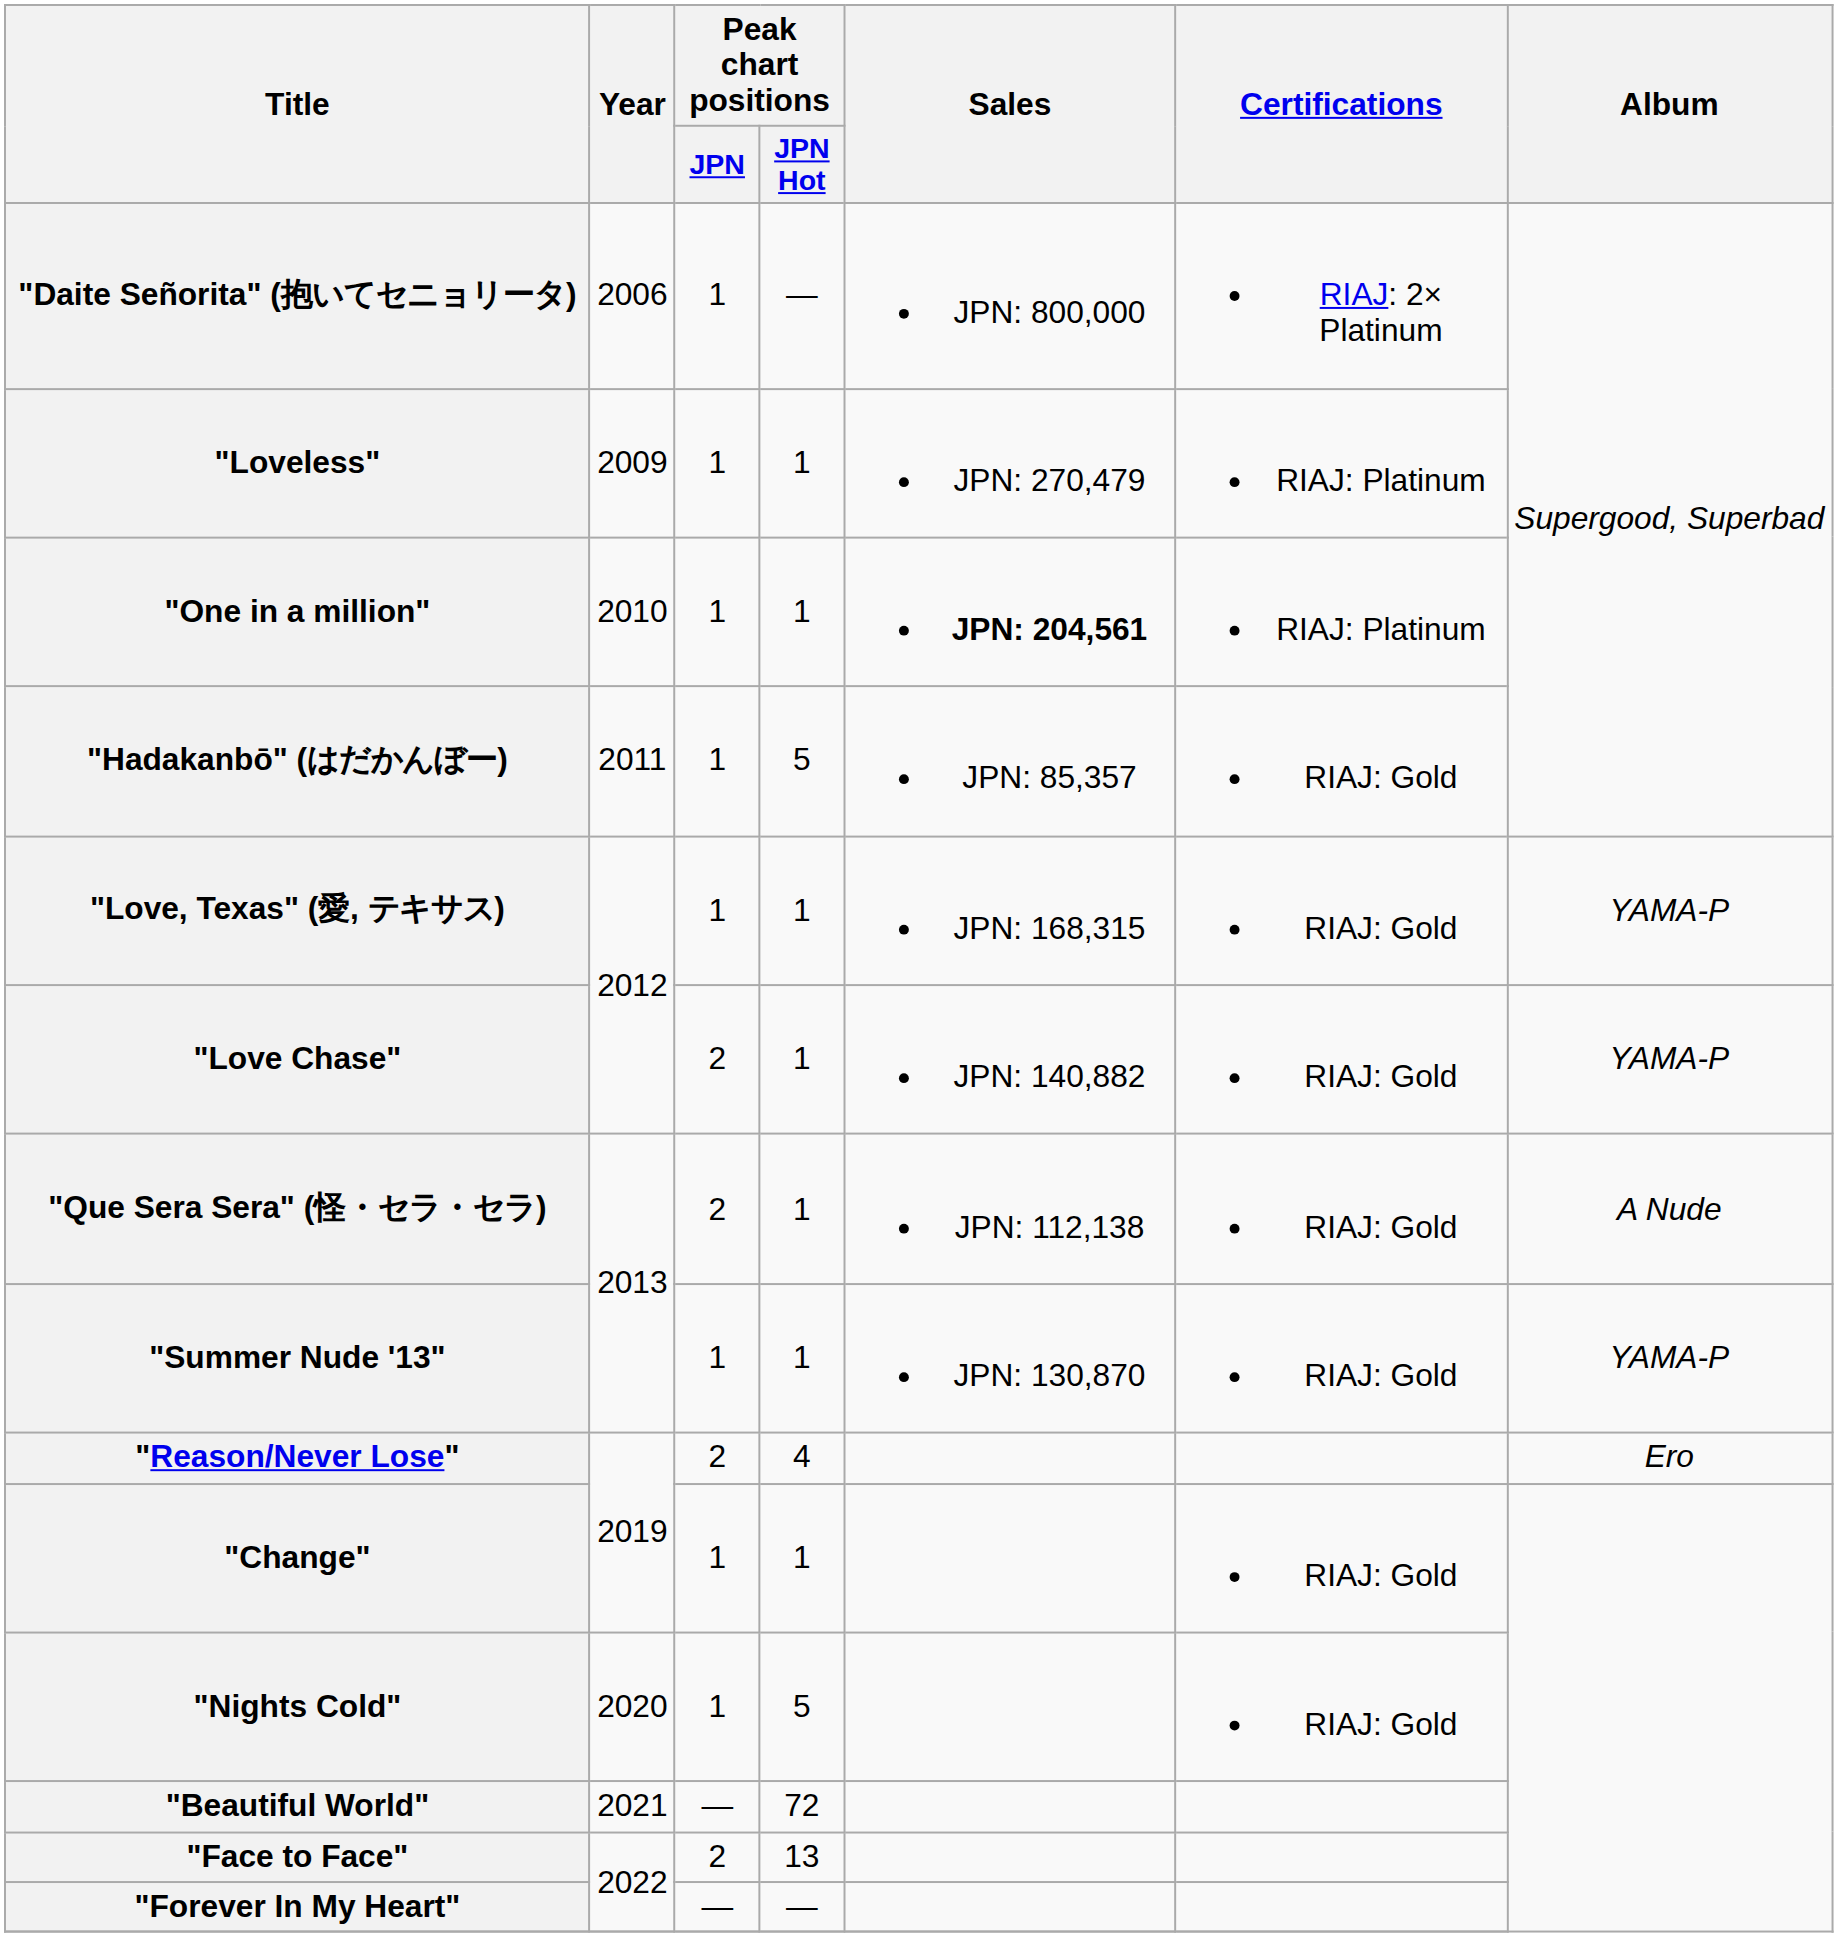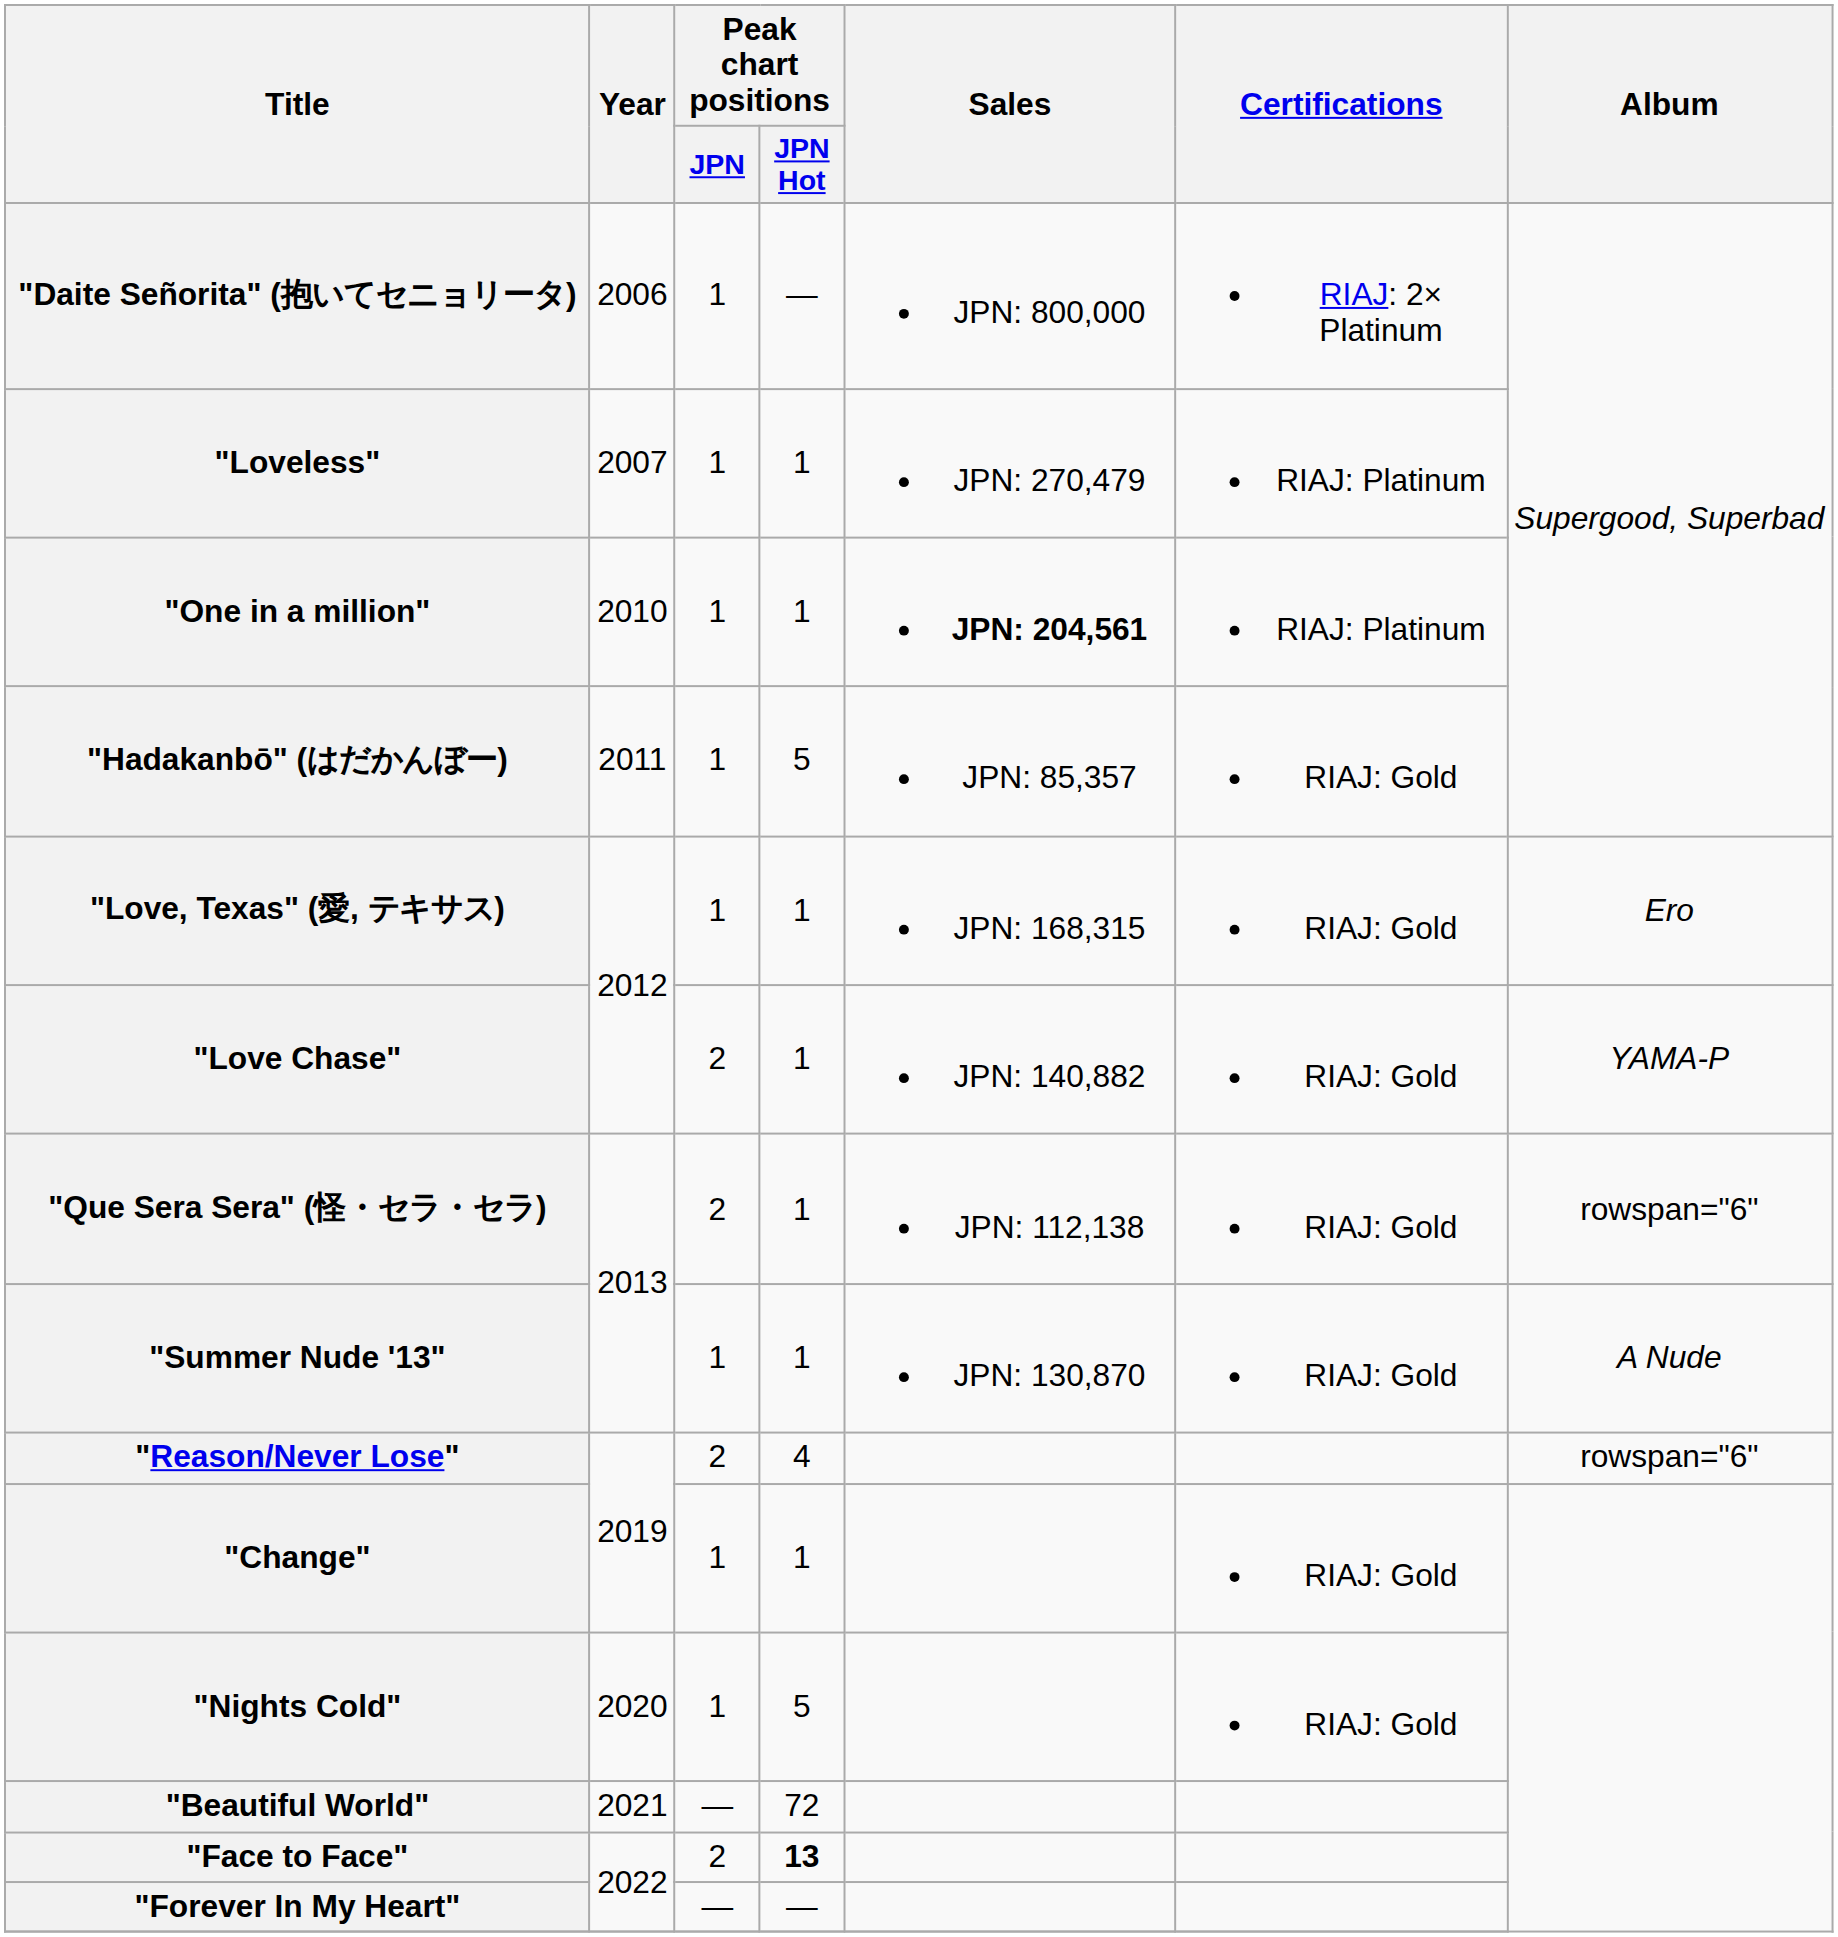 <table class="wikitable plainrowheaders" style="text-align:center;">
 <tr>
 <th rowspan="2" scope="col" style="width:18em;">Title</th>
 <th rowspan="2" scope="col">Year</th>
 <th colspan="2" scope="col">Peak chart positions</th>
 <th rowspan="2" scope="col" style="width:10em;">Sales</th>
 <th rowspan="2" scope="col" style="width:10em;"><a href='#'>Certifications</a></th>
 <th rowspan="2" scope="col">Album</th>
 </tr>
 <tr>
 <th scope="col" style="width:2.5em;font-size:90%;"><a href='#'>JPN</a><br></th>
 <th scope="col" style="width:2.5em;font-size:90%;"><a href='#'>JPN<br>Hot</a><br></th>
 </tr>
 <tr>
 <th scope="row">"Daite Señorita" (抱いてセニョリータ)</th>
 <td>2006</td>
 <td>1</td>
 <td>—</td>
 <td><br><ul><li>JPN: 800,000</li></ul></td>
 <td><br><ul><li><a href='#'>RIAJ</a>: 2× Platinum</li></ul></td>
 <td rowspan="4"><em>Supergood, Superbad</em></td>
 </tr>
 <tr>
 <th scope="row">"Loveless"</th>
-<td>2009</td>
+<td>2007</td>
 <td>1</td>
 <td>1</td>
 <td><br><ul><li>JPN: 270,479</li></ul></td>
 <td><br><ul><li>RIAJ: Platinum</li></ul></td>
 </tr>
 <tr>
 <th scope="row">"One in a million"</th>
 <td>2010</td>
 <td>1</td>
 <td>1</td>
 <td><strong><br><ul><li>JPN: 204,561</li></ul></strong></td>
 <td><br><ul><li>RIAJ: Platinum</li></ul></td>
 </tr>
 <tr>
 <th scope="row">"Hadakanbō" (はだかんぼー)</th>
 <td>2011</td>
 <td>1</td>
 <td>5</td>
 <td><br><ul><li>JPN: 85,357</li></ul></td>
 <td><br><ul><li>RIAJ: Gold</li></ul></td>
 </tr>
 <tr>
 <th scope="row">"Love, Texas" (愛, テキサス)</th>
 <td rowspan="2">2012</td>
 <td>1</td>
 <td>1</td>
 <td><br><ul><li>JPN: 168,315</li></ul></td>
 <td><br><ul><li>RIAJ: Gold</li></ul></td>
-<td><em>YAMA-P</em></td>
+<td><em>Ero</em></td>
 </tr>
 <tr>
 <th scope="row">"Love Chase"</th>
 <td>2</td>
 <td>1</td>
 <td><br><ul><li>JPN: 140,882</li></ul></td>
 <td><br><ul><li>RIAJ: Gold</li></ul></td>
 <td><em>YAMA-P</em></td>
 </tr>
 <tr>
 <th scope="row">"Que Sera Sera" (怪・セラ・セラ)</th>
 <td rowspan="2">2013</td>
 <td>2</td>
 <td>1</td>
 <td><br><ul><li>JPN: 112,138</li></ul></td>
 <td><br><ul><li>RIAJ: Gold</li></ul></td>
-<td><em>A Nude</em></td>
+<td>rowspan="6" </td>
 </tr>
 <tr>
 <th scope="row">"Summer Nude '13"</th>
 <td>1</td>
 <td>1</td>
 <td><br><ul><li>JPN: 130,870</li></ul></td>
 <td><br><ul><li>RIAJ: Gold</li></ul></td>
-<td><em>YAMA-P</em></td>
+<td><em>A Nude</em></td>
 </tr>
 <tr>
 <th scope="row">"<a href='#'>Reason/Never Lose</a>"</th>
 <td rowspan="2">2019</td>
 <td>2</td>
 <td>4</td>
 <td></td>
 <td></td>
-<td><em>Ero</em></td>
+<td>rowspan="6" </td>
 </tr>
 <tr>
 <th scope="row">"Change"</th>
 <td>1</td>
 <td>1</td>
 <td></td>
 <td><br><ul><li>RIAJ: Gold</li></ul></td>
 </tr>
 <tr>
 <th scope="row">"Nights Cold"</th>
 <td>2020</td>
 <td>1</td>
 <td>5</td>
 <td></td>
 <td><br><ul><li>RIAJ: Gold</li></ul></td>
 </tr>
 <tr>
 <th scope="row">"Beautiful World"</th>
 <td>2021</td>
 <td>—</td>
 <td>72</td>
 <td></td>
 <td></td>
 </tr>
 <tr>
 <th scope="row">"Face to Face"</th>
 <td rowspan="2">2022</td>
 <td>2</td>
-<td>13</td>
+<td><strong>13</strong></td>
 <td></td>
 <td></td>
 </tr>
 <tr>
 <th scope="row">"Forever In My Heart"</th>
 <td>—</td>
 <td>—</td>
 <td></td>
 <td></td>
 </tr>
 <tr>
 </tr>
 </table>
